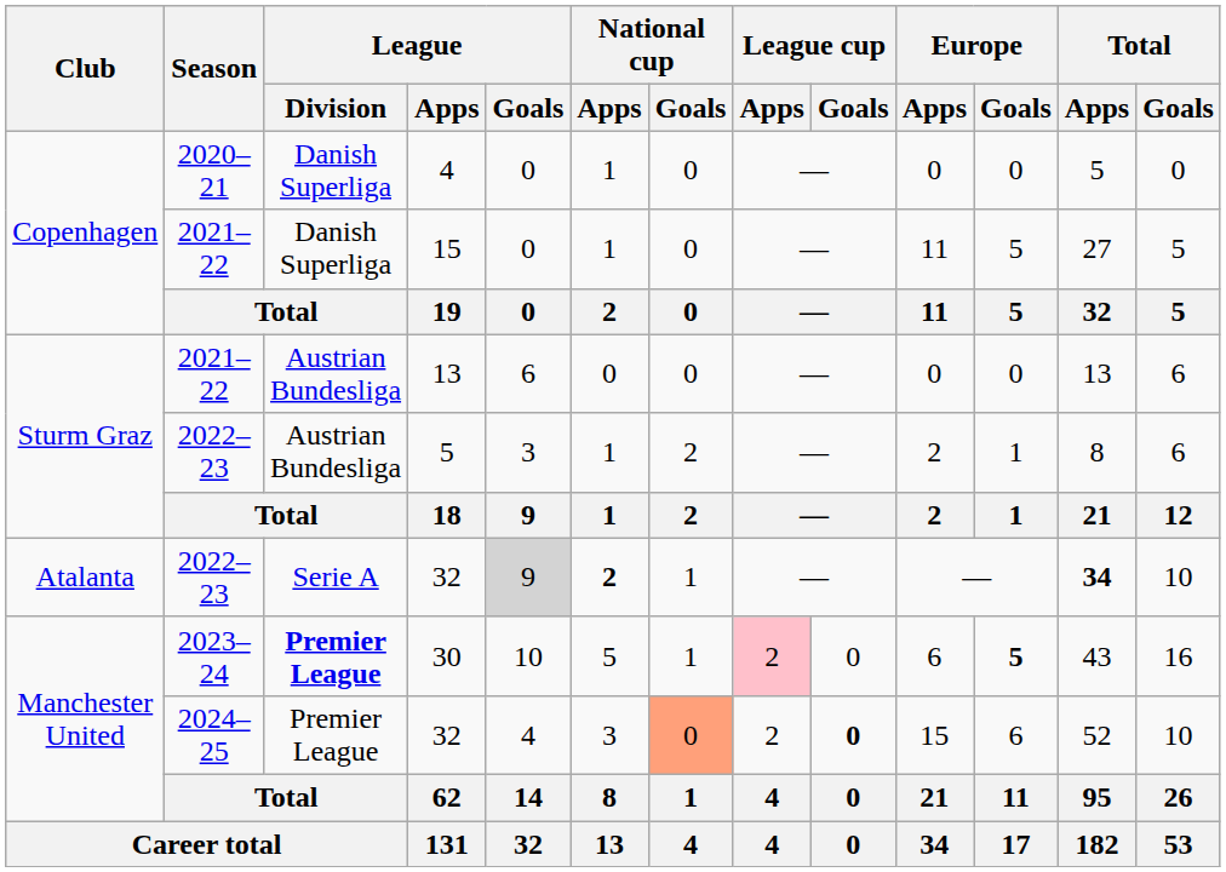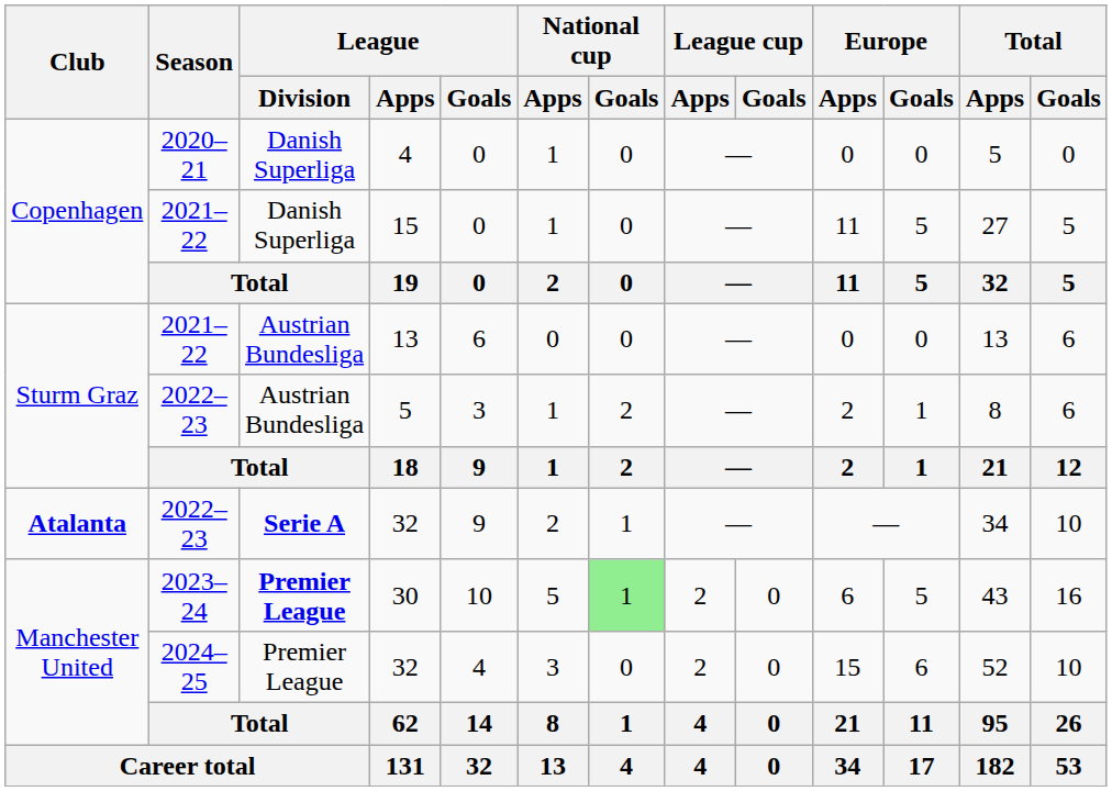 <table class="wikitable" style="text-align:center">
 <tr>
 <th rowspan="2">Club</th>
 <th rowspan="2">Season</th>
 <th colspan="3">League</th>
 <th colspan="2">National cup</th>
 <th colspan="2">League cup</th>
 <th colspan="2">Europe</th>
 <th colspan="2">Total</th>
 </tr>
 <tr>
 <th>Division</th>
 <th>Apps</th>
 <th>Goals</th>
 <th>Apps</th>
 <th>Goals</th>
 <th>Apps</th>
 <th>Goals</th>
 <th>Apps</th>
 <th>Goals</th>
 <th>Apps</th>
 <th>Goals</th>
 </tr>
 <tr>
 <td rowspan="3"><a href='#'>Copenhagen</a></td>
 <td><a href='#'>2020–21</a></td>
 <td><a href='#'>Danish Superliga</a></td>
 <td>4</td>
 <td>0</td>
 <td>1</td>
 <td>0</td>
 <td colspan="2">—</td>
 <td>0</td>
 <td>0</td>
 <td>5</td>
 <td>0</td>
 </tr>
 <tr>
 <td><a href='#'>2021–22</a></td>
 <td>Danish Superliga</td>
 <td>15</td>
 <td>0</td>
 <td>1</td>
 <td>0</td>
 <td colspan="2">—</td>
 <td>11</td>
 <td>5</td>
 <td>27</td>
 <td>5</td>
 </tr>
 <tr>
 <th colspan="2">Total</th>
 <th>19</th>
 <th>0</th>
 <th>2</th>
 <th>0</th>
 <th colspan="2">—</th>
 <th>11</th>
 <th>5</th>
 <th>32</th>
 <th>5</th>
 </tr>
 <tr>
 <td rowspan="3"><a href='#'>Sturm Graz</a></td>
 <td><a href='#'>2021–22</a></td>
 <td><a href='#'>Austrian Bundesliga</a></td>
 <td>13</td>
 <td>6</td>
 <td>0</td>
 <td>0</td>
 <td colspan="2">—</td>
 <td>0</td>
 <td>0</td>
 <td>13</td>
 <td>6</td>
 </tr>
 <tr>
 <td><a href='#'>2022–23</a></td>
 <td>Austrian Bundesliga</td>
 <td>5</td>
 <td>3</td>
 <td>1</td>
 <td>2</td>
 <td colspan="2">—</td>
 <td>2</td>
 <td>1</td>
 <td>8</td>
 <td>6</td>
 </tr>
 <tr>
 <th colspan="2">Total</th>
 <th>18</th>
 <th>9</th>
 <th>1</th>
 <th>2</th>
 <th colspan="2">—</th>
 <th>2</th>
 <th>1</th>
 <th>21</th>
 <th>12</th>
 </tr>
 <tr>
-<td><a href='#'>Atalanta</a></td>
+<td><strong><a href='#'>Atalanta</a></strong></td>
 <td><a href='#'>2022–23</a></td>
-<td><a href='#'>Serie A</a></td>
+<td><strong><a href='#'>Serie A</a></strong></td>
 <td>32</td>
-<td style="background: lightgrey;">9</td>
-<td><strong>2</strong></td>
+<td>9</td>
+<td>2</td>
 <td>1</td>
 <td colspan="2">—</td>
 <td colspan="2">—</td>
-<td><strong>34</strong></td>
+<td>34</td>
 <td>10</td>
 </tr>
 <tr>
 <td rowspan="3"><a href='#'>Manchester United</a></td>
 <td><a href='#'>2023–24</a></td>
 <td><strong><a href='#'>Premier League</a></strong></td>
 <td>30</td>
 <td>10</td>
 <td>5</td>
-<td>1</td>
-<td style="background: pink;">2</td>
+<td style="background: lightgreen;">1</td>
+<td>2</td>
 <td>0</td>
 <td>6</td>
-<td><strong>5</strong></td>
+<td>5</td>
 <td>43</td>
 <td>16</td>
 </tr>
 <tr>
 <td><a href='#'>2024–25</a></td>
 <td>Premier League</td>
 <td>32</td>
 <td>4</td>
 <td>3</td>
-<td style="background: lightsalmon;">0</td>
+<td>0</td>
 <td>2</td>
-<td><strong>0</strong></td>
+<td>0</td>
 <td>15</td>
 <td>6</td>
 <td>52</td>
 <td>10</td>
 </tr>
 <tr>
 <th colspan="2">Total</th>
 <th>62</th>
 <th>14</th>
 <th>8</th>
 <th>1</th>
 <th>4</th>
 <th>0</th>
 <th>21</th>
 <th>11</th>
 <th>95</th>
 <th>26</th>
 </tr>
 <tr>
 <th colspan="3">Career total</th>
 <th>131</th>
 <th>32</th>
 <th>13</th>
 <th>4</th>
 <th>4</th>
 <th>0</th>
 <th>34</th>
 <th>17</th>
 <th>182</th>
 <th>53</th>
 </tr>
 </table>
